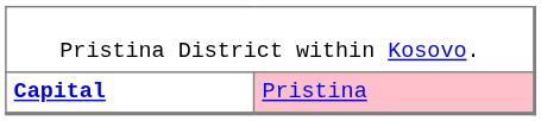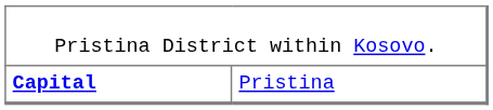 <table border=1 cellpadding=4 cellspacing=0 class="toccolours" style="float: right; width: 300px; clear: both; margin: 0.5em 0 1em 1em; border-style: solid; border:1px solid #7f7f7f; border-right-width: 2px; border-bottom-width: 2px; border-collapse: collapse; font-size: 95%;">
 <tr>
 <td align="center" colspan="2"><br>Pristina District within <a href='#'>Kosovo</a>.</td>
 </tr>
 <tr>
 <td><strong><a href='#'>Capital</a></strong></td>
-<td style="background: pink;"><a href='#'>Pristina</a></td>
+<td><a href='#'>Pristina</a></td>
 </tr>
 <tr>
 </tr>
 </table>
